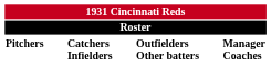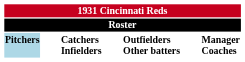 <table class="toccolours" style="font-size: 95%;">
 <tr>
 <th colspan="10" style="background-color: #c6011f; color: white; text-align: center;">1931 Cincinnati Reds</th>
 </tr>
 <tr>
 <td colspan="10" style="background-color: black; color: white; text-align: center;"><strong>Roster</strong></td>
 </tr>
 <tr>
-<td valign="top"><strong>Pitchers</strong><br>           </td>
+<td valign="top" style="background: lightblue;"><strong>Pitchers</strong><br>           </td>
 <td width="25px"></td>
 <td valign="top"><strong>Catchers</strong><br>   <strong>Infielders</strong>         </td>
 <td width="25px"></td>
 <td valign="top"><strong>Outfielders</strong><br>       <strong>Other batters</strong> </td>
 <td width="25px"></td>
 <td valign="top"><strong>Manager</strong><br> <strong>Coaches</strong> </td>
 </tr>
 </table>
